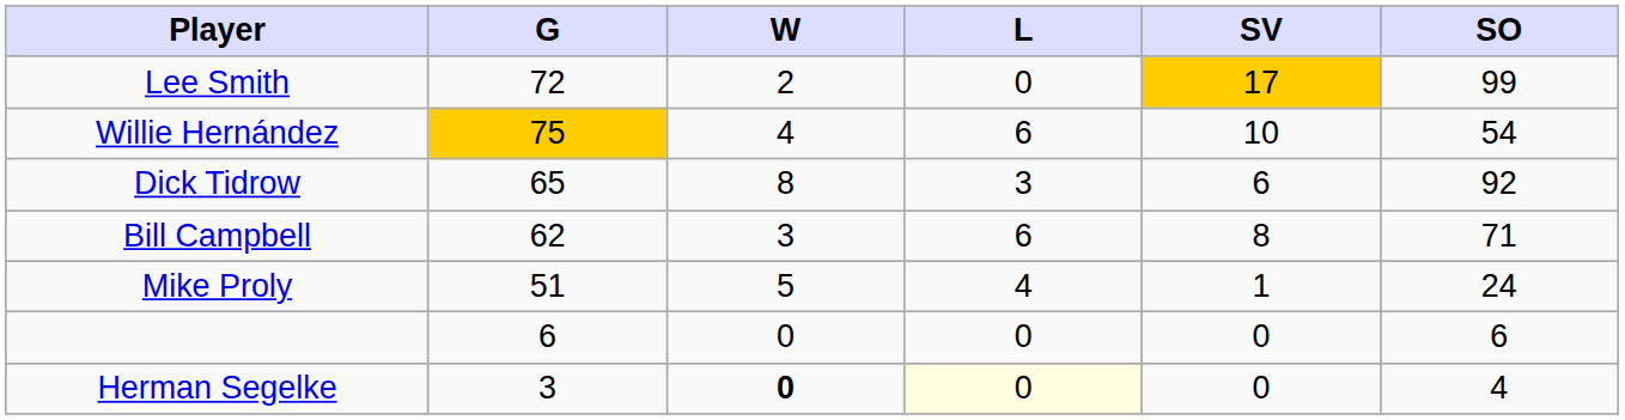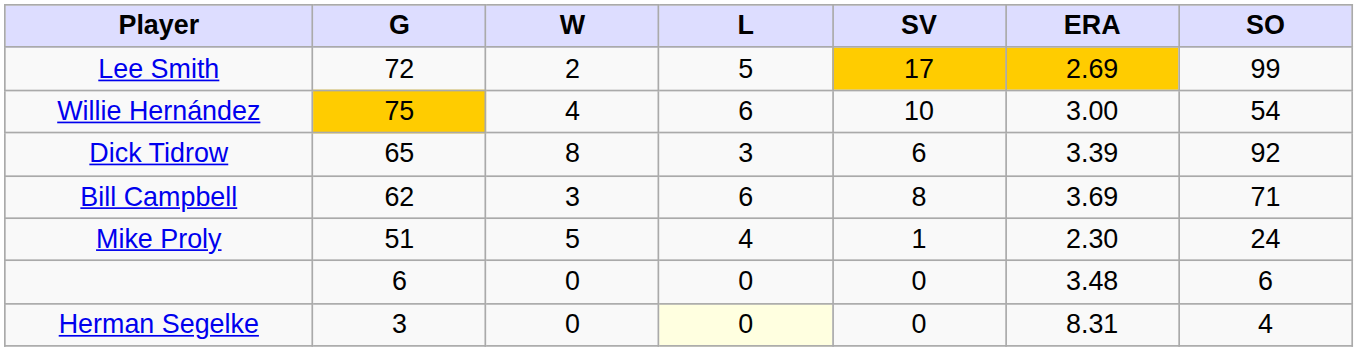 <table class="wikitable sortable">
 <tr>
 <th style="background:#ddf; width:16%;">Player</th>
 <th style="background:#ddf; width:9%;">G</th>
 <th style="background:#ddf; width:9%;">W</th>
 <th style="background:#ddf; width:9%;">L</th>
 <th style="background:#ddf; width:9%;">SV</th>
+<th style="background:#ddf; width:9%;">ERA</th>
 <th style="background:#ddf; width:9%;">SO</th>
 </tr>
 <tr style="text-align:center;">
 <td><a href='#'>Lee Smith</a></td>
 <td>72</td>
 <td>2</td>
-<td>0</td>
+<td>5</td>
 <td style="background:#fc0;">17</td>
+<td style="background:#fc0;">2.69</td>
 <td>99</td>
 </tr>
 <tr align=center>
 <td><a href='#'>Willie Hernández</a></td>
 <td style="background:#fc0;">75</td>
 <td>4</td>
 <td>6</td>
 <td>10</td>
+<td>3.00</td>
 <td>54</td>
 </tr>
 <tr align=center>
 <td><a href='#'>Dick Tidrow</a></td>
 <td>65</td>
 <td>8</td>
 <td>3</td>
 <td>6</td>
+<td>3.39</td>
 <td>92</td>
 </tr>
 <tr align=center>
 <td><a href='#'>Bill Campbell</a></td>
 <td>62</td>
 <td>3</td>
 <td>6</td>
 <td>8</td>
+<td>3.69</td>
 <td>71</td>
 </tr>
 <tr align=center>
 <td><a href='#'>Mike Proly</a></td>
 <td>51</td>
 <td>5</td>
 <td>4</td>
 <td>1</td>
+<td>2.30</td>
 <td>24</td>
 </tr>
 <tr align=center>
 <td></td>
 <td>6</td>
 <td>0</td>
 <td>0</td>
 <td>0</td>
+<td>3.48</td>
 <td>6</td>
 </tr>
 <tr align=center>
 <td><a href='#'>Herman Segelke</a></td>
 <td>3</td>
-<td><strong>0</strong></td>
+<td>0</td>
 <td style="background: lightyellow;">0</td>
 <td>0</td>
+<td>8.31</td>
 <td>4</td>
 </tr>
 </table>
